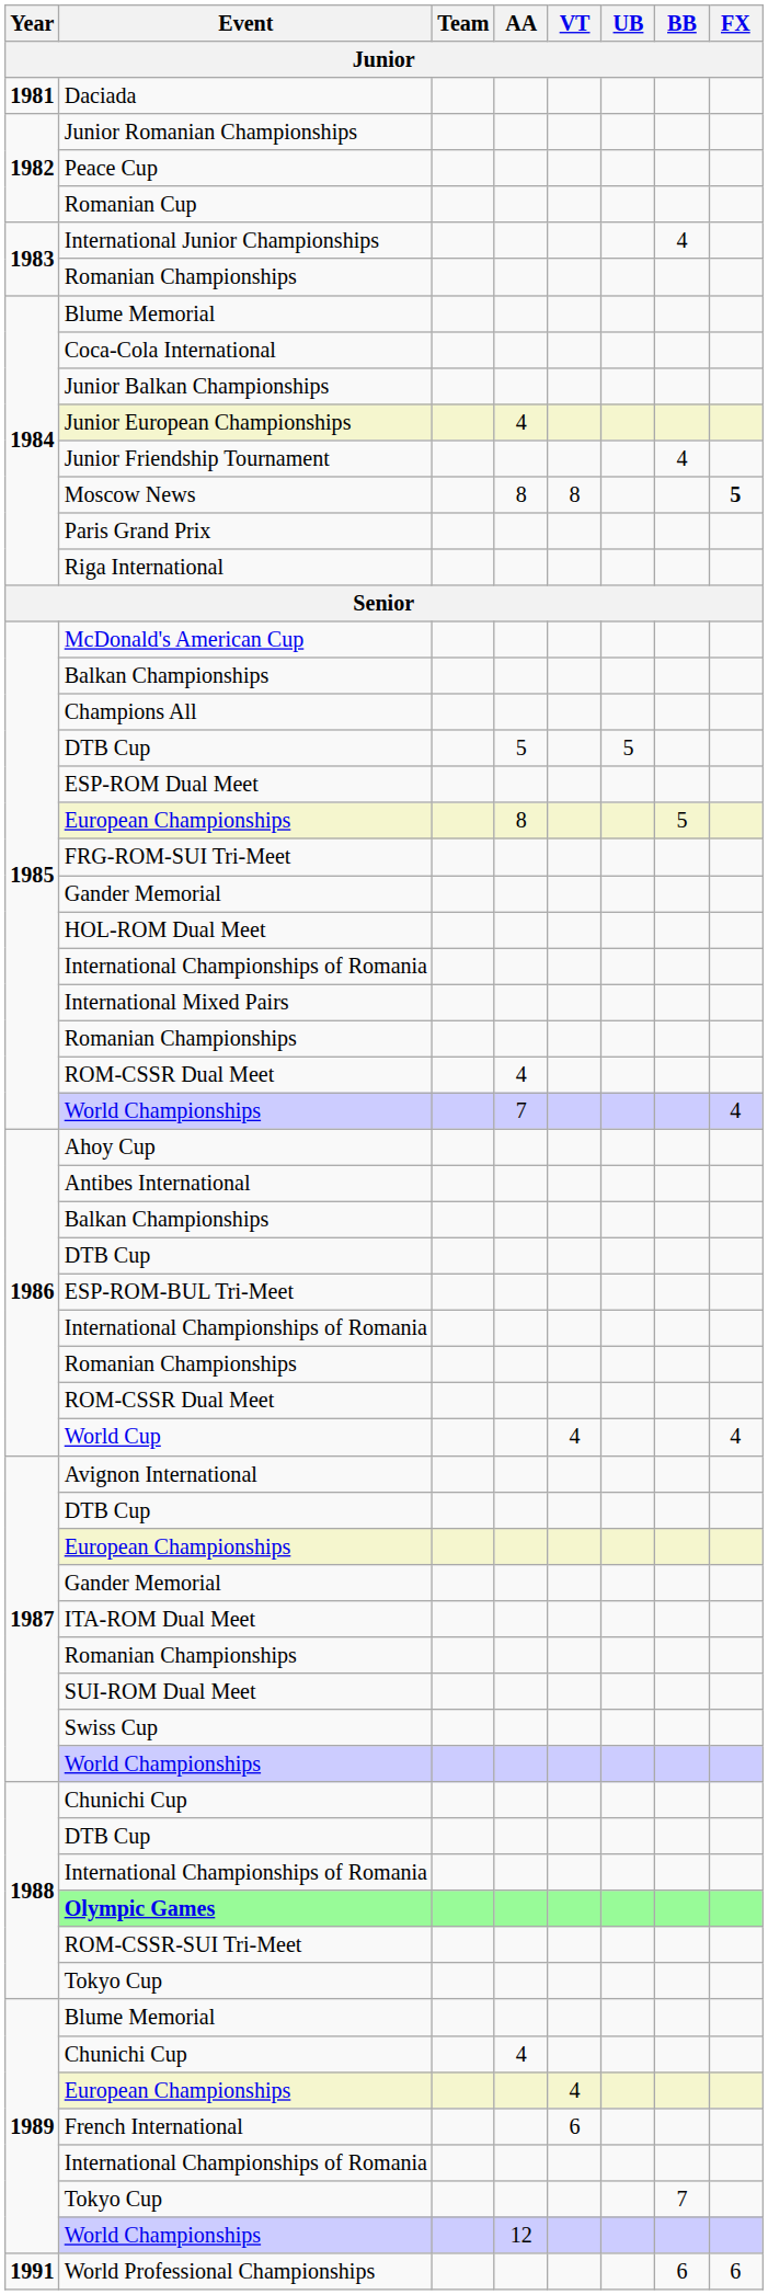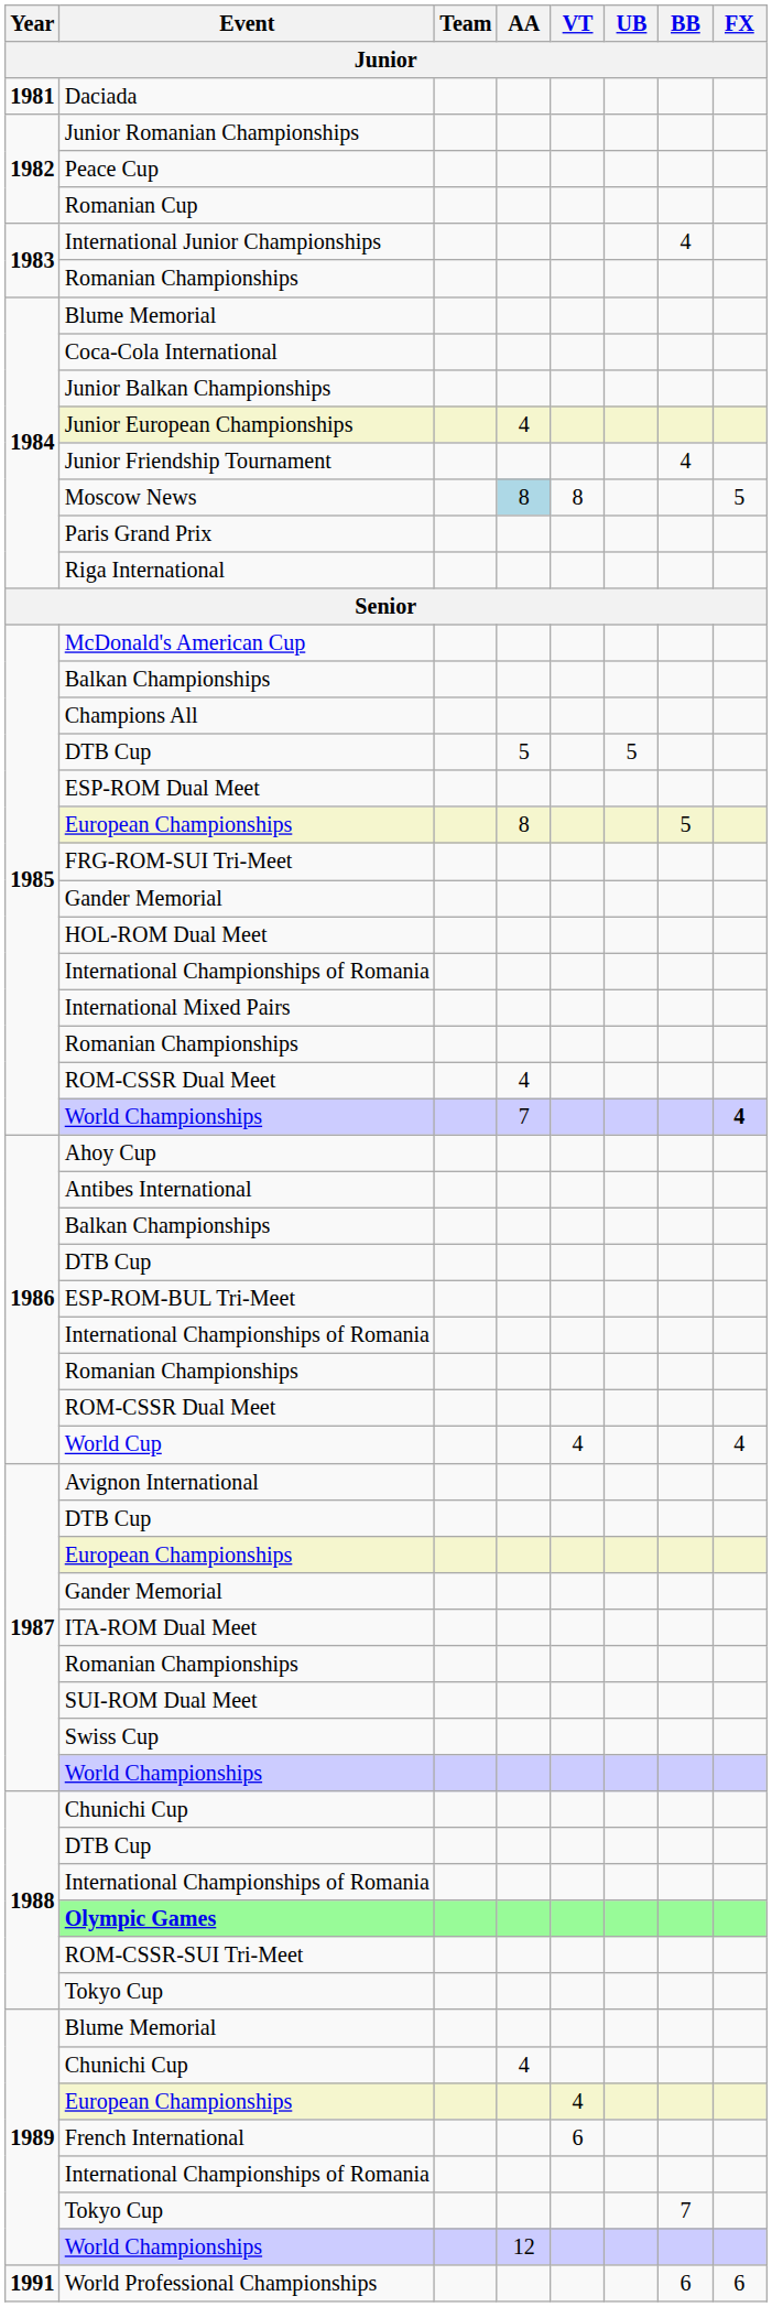 <table class="wikitable" style="text-align:center; font-size:95%;">
 <tr>
 <th align=center>Year</th>
 <th align=center>Event</th>
 <th style="width:30px;">Team</th>
 <th style="width:30px;">AA</th>
 <th style="width:30px;"><a href='#'>VT</a></th>
 <th style="width:30px;"><a href='#'>UB</a></th>
 <th style="width:30px;"><a href='#'>BB</a></th>
 <th style="width:30px;"><a href='#'>FX</a></th>
 </tr>
 <tr>
 <th colspan="8"><strong>Junior</strong></th>
 </tr>
 <tr>
 <td rowspan="1"><strong>1981</strong></td>
 <td align=left>Daciada</td>
 <td></td>
 <td></td>
 <td></td>
 <td></td>
 <td></td>
 <td></td>
 </tr>
 <tr>
 <td rowspan="3"><strong>1982</strong></td>
 <td align=left>Junior Romanian Championships</td>
 <td></td>
 <td></td>
 <td></td>
 <td></td>
 <td></td>
 <td></td>
 </tr>
 <tr>
 <td align=left>Peace Cup</td>
 <td></td>
 <td></td>
 <td></td>
 <td></td>
 <td></td>
 <td></td>
 </tr>
 <tr>
 <td align=left>Romanian Cup</td>
 <td></td>
 <td></td>
 <td></td>
 <td></td>
 <td></td>
 <td></td>
 </tr>
 <tr>
 <td rowspan="2"><strong>1983</strong></td>
 <td align=left>International Junior Championships</td>
 <td></td>
 <td></td>
 <td></td>
 <td></td>
 <td>4</td>
 <td></td>
 </tr>
 <tr>
 <td align=left>Romanian Championships</td>
 <td></td>
 <td></td>
 <td></td>
 <td></td>
 <td></td>
 <td></td>
 </tr>
 <tr>
 <td rowspan="8"><strong>1984</strong></td>
 <td align=left>Blume Memorial</td>
 <td></td>
 <td></td>
 <td></td>
 <td></td>
 <td></td>
 <td></td>
 </tr>
 <tr>
 <td align=left>Coca-Cola International</td>
 <td></td>
 <td></td>
 <td></td>
 <td></td>
 <td></td>
 <td></td>
 </tr>
 <tr>
 <td align=left>Junior Balkan Championships</td>
 <td></td>
 <td></td>
 <td></td>
 <td></td>
 <td></td>
 <td></td>
 </tr>
 <tr |- bgcolor=#F5F6CE>
 <td align=left>Junior European Championships</td>
 <td></td>
 <td>4</td>
 <td></td>
 <td></td>
 <td></td>
 <td></td>
 </tr>
 <tr>
 <td align=left>Junior Friendship Tournament</td>
 <td></td>
 <td></td>
 <td></td>
 <td></td>
 <td>4</td>
 <td></td>
 </tr>
 <tr>
 <td align=left>Moscow News</td>
 <td></td>
-<td>8</td>
+<td style="background: lightblue;">8</td>
 <td>8</td>
 <td></td>
 <td></td>
-<td><strong>5</strong></td>
+<td>5</td>
 </tr>
 <tr>
 <td align=left>Paris Grand Prix</td>
 <td></td>
 <td></td>
 <td></td>
 <td></td>
 <td></td>
 <td></td>
 </tr>
 <tr>
 <td align=left>Riga International</td>
 <td></td>
 <td></td>
 <td></td>
 <td></td>
 <td></td>
 <td></td>
 </tr>
 <tr>
 <th colspan="8"><strong>Senior</strong></th>
 </tr>
 <tr>
 <td rowspan="14"><strong>1985</strong></td>
 <td align=left><a href='#'>McDonald's American Cup</a></td>
 <td></td>
 <td></td>
 <td></td>
 <td></td>
 <td></td>
 <td></td>
 </tr>
 <tr>
 <td align=left>Balkan Championships</td>
 <td></td>
 <td></td>
 <td></td>
 <td></td>
 <td></td>
 <td></td>
 </tr>
 <tr>
 <td align=left>Champions All</td>
 <td></td>
 <td></td>
 <td></td>
 <td></td>
 <td></td>
 <td></td>
 </tr>
 <tr>
 <td align=left>DTB Cup</td>
 <td></td>
 <td>5</td>
 <td></td>
 <td>5</td>
 <td></td>
 <td></td>
 </tr>
 <tr>
 <td align=left>ESP-ROM Dual Meet</td>
 <td></td>
 <td></td>
 <td></td>
 <td></td>
 <td></td>
 <td></td>
 </tr>
 <tr bgcolor=#F5F6CE>
 <td align=left><a href='#'>European Championships</a></td>
 <td></td>
 <td>8</td>
 <td></td>
 <td></td>
 <td>5</td>
 <td></td>
 </tr>
 <tr>
 <td align=left>FRG-ROM-SUI Tri-Meet</td>
 <td></td>
 <td></td>
 <td></td>
 <td></td>
 <td></td>
 <td></td>
 </tr>
 <tr>
 <td align=left>Gander Memorial</td>
 <td></td>
 <td></td>
 <td></td>
 <td></td>
 <td></td>
 <td></td>
 </tr>
 <tr>
 <td align=left>HOL-ROM Dual Meet</td>
 <td></td>
 <td></td>
 <td></td>
 <td></td>
 <td></td>
 <td></td>
 </tr>
 <tr>
 <td align=left>International Championships of Romania</td>
 <td></td>
 <td></td>
 <td></td>
 <td></td>
 <td></td>
 <td></td>
 </tr>
 <tr>
 <td align=left>International Mixed Pairs</td>
 <td></td>
 <td></td>
 <td></td>
 <td></td>
 <td></td>
 <td></td>
 </tr>
 <tr>
 <td align=left>Romanian Championships</td>
 <td></td>
 <td></td>
 <td></td>
 <td></td>
 <td></td>
 <td></td>
 </tr>
 <tr>
 <td align=left>ROM-CSSR Dual Meet</td>
 <td></td>
 <td>4</td>
 <td></td>
 <td></td>
 <td></td>
 <td></td>
 </tr>
 <tr bgcolor=#CCCCFF>
 <td align=left><a href='#'>World Championships</a></td>
 <td></td>
 <td>7</td>
 <td></td>
 <td></td>
 <td></td>
-<td>4</td>
+<td><strong>4</strong></td>
 </tr>
 <tr>
 <td rowspan="9"><strong>1986</strong></td>
 <td align=left>Ahoy Cup</td>
 <td></td>
 <td></td>
 <td></td>
 <td></td>
 <td></td>
 <td></td>
 </tr>
 <tr>
 <td align=left>Antibes International</td>
 <td></td>
 <td></td>
 <td></td>
 <td></td>
 <td></td>
 <td></td>
 </tr>
 <tr>
 <td align=left>Balkan Championships</td>
 <td></td>
 <td></td>
 <td></td>
 <td></td>
 <td></td>
 <td></td>
 </tr>
 <tr>
 <td align=left>DTB Cup</td>
 <td></td>
 <td></td>
 <td></td>
 <td></td>
 <td></td>
 <td></td>
 </tr>
 <tr>
 <td align=left>ESP-ROM-BUL Tri-Meet</td>
 <td></td>
 <td></td>
 <td></td>
 <td></td>
 <td></td>
 <td></td>
 </tr>
 <tr>
 <td align=left>International Championships of Romania</td>
 <td></td>
 <td></td>
 <td></td>
 <td></td>
 <td></td>
 <td></td>
 </tr>
 <tr>
 <td align=left>Romanian Championships</td>
 <td></td>
 <td></td>
 <td></td>
 <td></td>
 <td></td>
 <td></td>
 </tr>
 <tr>
 <td align=left>ROM-CSSR Dual Meet</td>
 <td></td>
 <td></td>
 <td></td>
 <td></td>
 <td></td>
 <td></td>
 </tr>
 <tr>
 <td align=left><a href='#'>World Cup</a></td>
 <td></td>
 <td></td>
 <td>4</td>
 <td></td>
 <td></td>
 <td>4</td>
 </tr>
 <tr>
 <td rowspan="9"><strong>1987</strong></td>
 <td align=left>Avignon International</td>
 <td></td>
 <td></td>
 <td></td>
 <td></td>
 <td></td>
 <td></td>
 </tr>
 <tr>
 <td align=left>DTB Cup</td>
 <td></td>
 <td></td>
 <td></td>
 <td></td>
 <td></td>
 <td></td>
 </tr>
 <tr bgcolor=#F5F6CE>
 <td align=left><a href='#'>European Championships</a></td>
 <td></td>
 <td></td>
 <td></td>
 <td></td>
 <td></td>
 <td></td>
 </tr>
 <tr>
 <td align=left>Gander Memorial</td>
 <td></td>
 <td></td>
 <td></td>
 <td></td>
 <td></td>
 <td></td>
 </tr>
 <tr>
 <td align=left>ITA-ROM Dual Meet</td>
 <td></td>
 <td></td>
 <td></td>
 <td></td>
 <td></td>
 <td></td>
 </tr>
 <tr>
 <td align=left>Romanian Championships</td>
 <td></td>
 <td></td>
 <td></td>
 <td></td>
 <td></td>
 <td></td>
 </tr>
 <tr>
 <td align=left>SUI-ROM Dual Meet</td>
 <td></td>
 <td></td>
 <td></td>
 <td></td>
 <td></td>
 <td></td>
 </tr>
 <tr>
 <td align=left>Swiss Cup</td>
 <td></td>
 <td></td>
 <td></td>
 <td></td>
 <td></td>
 <td></td>
 </tr>
 <tr bgcolor=#CCCCFF>
 <td align=left><a href='#'>World Championships</a></td>
 <td></td>
 <td></td>
 <td></td>
 <td></td>
 <td></td>
 <td></td>
 </tr>
 <tr>
 <td rowspan="6"><strong>1988</strong></td>
 <td align=left>Chunichi Cup</td>
 <td></td>
 <td></td>
 <td></td>
 <td></td>
 <td></td>
 <td></td>
 </tr>
 <tr>
 <td align=left>DTB Cup</td>
 <td></td>
 <td></td>
 <td></td>
 <td></td>
 <td></td>
 <td></td>
 </tr>
 <tr>
 <td align=left>International Championships of Romania</td>
 <td></td>
 <td></td>
 <td></td>
 <td></td>
 <td></td>
 <td></td>
 </tr>
 <tr bgcolor=98FB98>
 <td align=left><strong><a href='#'>Olympic Games</a></strong></td>
 <td></td>
 <td></td>
 <td></td>
 <td></td>
 <td></td>
 <td></td>
 </tr>
 <tr>
 <td align=left>ROM-CSSR-SUI Tri-Meet</td>
 <td></td>
 <td></td>
 <td></td>
 <td></td>
 <td></td>
 <td></td>
 </tr>
 <tr>
 <td align=left>Tokyo Cup</td>
 <td></td>
 <td></td>
 <td></td>
 <td></td>
 <td></td>
 <td></td>
 </tr>
 <tr>
 <td rowspan="7"><strong>1989</strong></td>
 <td align=left>Blume Memorial</td>
 <td></td>
 <td></td>
 <td></td>
 <td></td>
 <td></td>
 <td></td>
 </tr>
 <tr>
 <td align=left>Chunichi Cup</td>
 <td></td>
 <td>4</td>
 <td></td>
 <td></td>
 <td></td>
 <td></td>
 </tr>
 <tr bgcolor=#F5F6CE>
 <td align=left><a href='#'>European Championships</a></td>
 <td></td>
 <td></td>
 <td>4</td>
 <td></td>
 <td></td>
 <td></td>
 </tr>
 <tr>
 <td align=left>French International</td>
 <td></td>
 <td></td>
 <td>6</td>
 <td></td>
 <td></td>
 <td></td>
 </tr>
 <tr>
 <td align=left>International Championships of Romania</td>
 <td></td>
 <td></td>
 <td></td>
 <td></td>
 <td></td>
 <td></td>
 </tr>
 <tr>
 <td align=left>Tokyo Cup</td>
 <td></td>
 <td></td>
 <td></td>
 <td></td>
 <td>7</td>
 <td></td>
 </tr>
 <tr bgcolor=#CCCCFF>
 <td align=left><a href='#'>World Championships</a></td>
 <td></td>
 <td>12</td>
 <td></td>
 <td></td>
 <td></td>
 <td></td>
 </tr>
 <tr>
 <td rowspan="1"><strong>1991</strong></td>
 <td align=left>World Professional Championships</td>
 <td></td>
 <td></td>
 <td></td>
 <td></td>
 <td>6</td>
 <td>6</td>
 </tr>
 </table>
